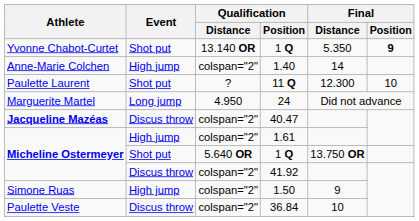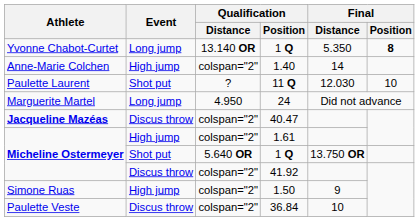 <table class=wikitable style="font-size:90%">
 <tr>
 <th rowspan="2">Athlete</th>
 <th rowspan="2">Event</th>
 <th colspan="2">Qualification</th>
 <th colspan="2">Final</th>
 </tr>
 <tr style="font-size:95%">
 <th>Distance</th>
 <th>Position</th>
 <th>Distance</th>
 <th>Position</th>
 </tr>
 <tr align=center>
 <td align=left><a href='#'>Yvonne Chabot-Curtet</a></td>
-<td align=left><a href='#'>Shot put</a></td>
+<td align=left><a href='#'>Long jump</a></td>
 <td>13.140 <strong>OR</strong></td>
 <td>1 <strong>Q</strong></td>
 <td>5.350</td>
-<td><strong>9</strong></td>
+<td><strong>8</strong></td>
 </tr>
 <tr align=center>
 <td align=left><a href='#'>Anne-Marie Colchen</a></td>
 <td align=left><a href='#'>High jump</a></td>
 <td>colspan="2" </td>
 <td>1.40</td>
 <td>14</td>
 </tr>
 <tr align=center>
 <td align=left><a href='#'>Paulette Laurent</a></td>
 <td align=left><a href='#'>Shot put</a></td>
 <td>?</td>
 <td>11 <strong>Q</strong></td>
-<td>12.300</td>
+<td>12.030</td>
 <td>10</td>
 </tr>
 <tr align=center>
 <td align=left><a href='#'>Marguerite Martel</a></td>
 <td align=left><a href='#'>Long jump</a></td>
 <td>4.950</td>
 <td>24</td>
 <td colspan=2>Did not advance</td>
 </tr>
 <tr align=center>
 <td align=left><strong><a href='#'>Jacqueline Mazéas</a></strong></td>
 <td align=left><a href='#'>Discus throw</a></td>
 <td>colspan="2" </td>
 <td>40.47</td>
 <td></td>
 </tr>
 <tr align=center>
 <td align=left rowspan=3><strong><a href='#'>Micheline Ostermeyer</a></strong></td>
 <td align=left><a href='#'>High jump</a></td>
 <td>colspan="2" </td>
 <td>1.61</td>
 <td></td>
 </tr>
 <tr align=center>
 <td align=left><a href='#'>Shot put</a></td>
 <td>5.640 <strong>OR</strong></td>
 <td>1 <strong>Q</strong></td>
 <td>13.750 <strong>OR</strong></td>
 <td></td>
 </tr>
 <tr align=center>
 <td align=left><a href='#'>Discus throw</a></td>
 <td>colspan="2" </td>
 <td>41.92</td>
 <td></td>
 </tr>
 <tr align=center>
 <td align=left><a href='#'>Simone Ruas</a></td>
 <td align=left><a href='#'>High jump</a></td>
 <td>colspan="2" </td>
 <td>1.50</td>
 <td>9</td>
 </tr>
 <tr align=center>
 <td align=left><a href='#'>Paulette Veste</a></td>
 <td align=left><a href='#'>Discus throw</a></td>
 <td>colspan="2" </td>
 <td>36.84</td>
 <td>10</td>
 </tr>
 </table>
